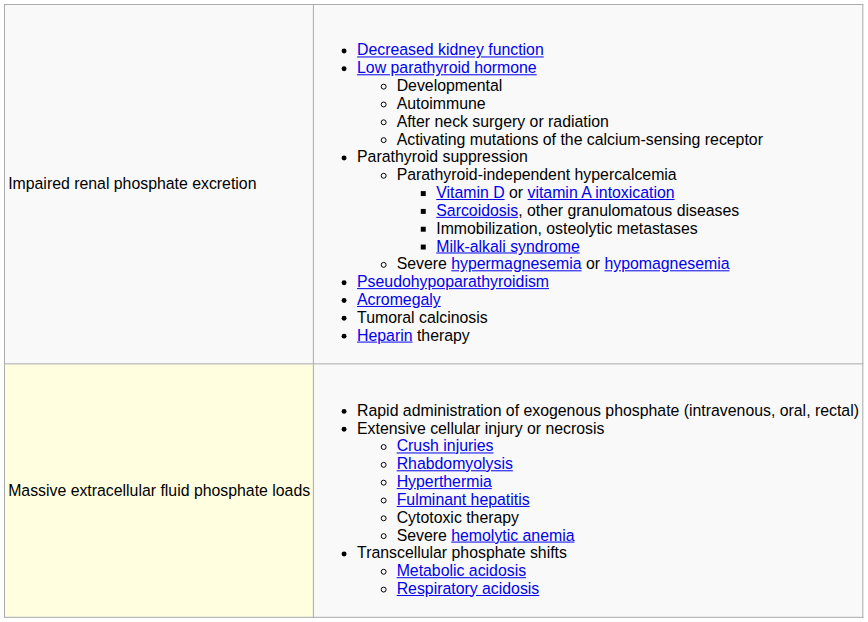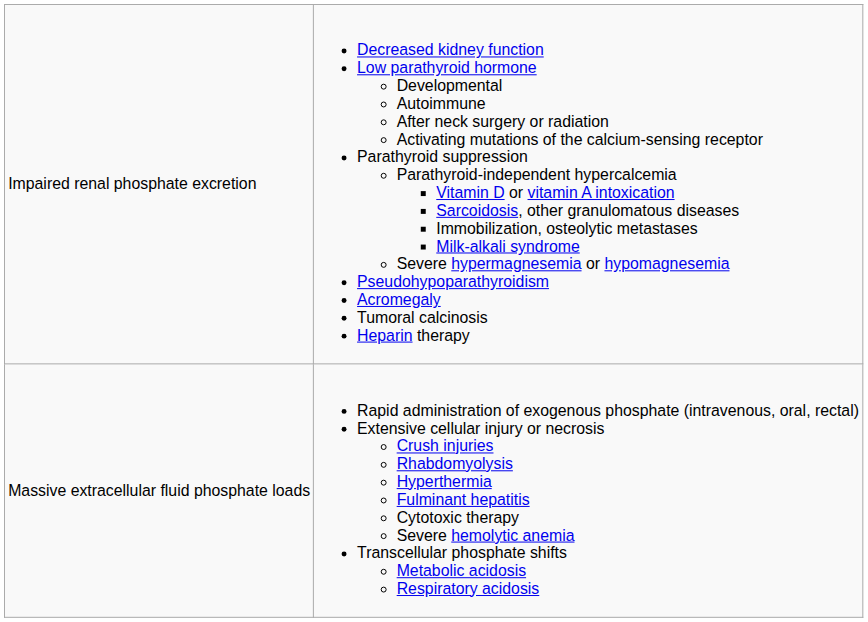 <table class="wikitable">
 <tr>
 <td>Impaired renal phosphate excretion</td>
 <td><br><ul><li><a href='#'>Decreased kidney function</a></li><li><a href='#'>Low parathyroid hormone</a><ul><li>Developmental</li><li>Autoimmune</li><li>After neck surgery or radiation</li><li>Activating mutations of the calcium-sensing receptor</li></ul></li><li>Parathyroid suppression<ul><li>Parathyroid-independent hypercalcemia<ul><li><a href='#'>Vitamin D</a> or <a href='#'>vitamin A intoxication</a></li><li><a href='#'>Sarcoidosis</a>, other granulomatous diseases</li><li>Immobilization, osteolytic metastases</li><li><a href='#'>Milk-alkali syndrome</a></li></ul></li><li>Severe <a href='#'>hypermagnesemia</a> or <a href='#'>hypomagnesemia</a></li></ul></li><li><a href='#'>Pseudohypoparathyroidism</a></li><li><a href='#'>Acromegaly</a></li><li>Tumoral calcinosis</li><li><a href='#'>Heparin</a> therapy</li></ul></td>
 </tr>
 <tr>
-<td style="background: lightyellow;">Massive extracellular fluid phosphate loads</td>
+<td>Massive extracellular fluid phosphate loads</td>
 <td><br><ul><li>Rapid administration of exogenous phosphate (intravenous, oral, rectal)</li><li>Extensive cellular injury or necrosis<ul><li><a href='#'>Crush injuries</a></li><li><a href='#'>Rhabdomyolysis</a></li><li><a href='#'>Hyperthermia</a></li><li><a href='#'>Fulminant hepatitis</a></li><li>Cytotoxic therapy</li><li>Severe <a href='#'>hemolytic anemia</a></li></ul></li><li>Transcellular phosphate shifts<ul><li><a href='#'>Metabolic acidosis</a></li><li><a href='#'>Respiratory acidosis</a></li></ul></li></ul></td>
 </tr>
 </table>
